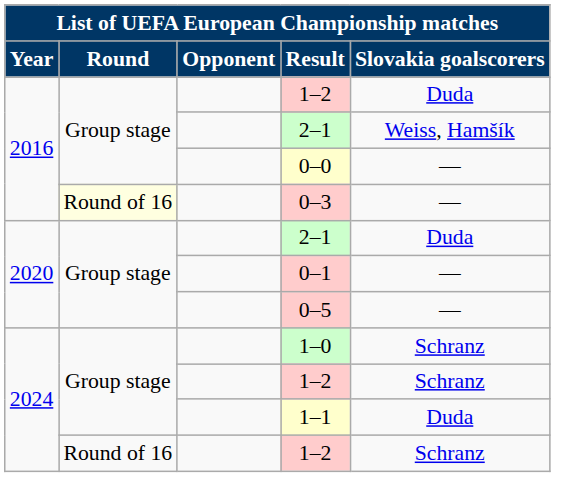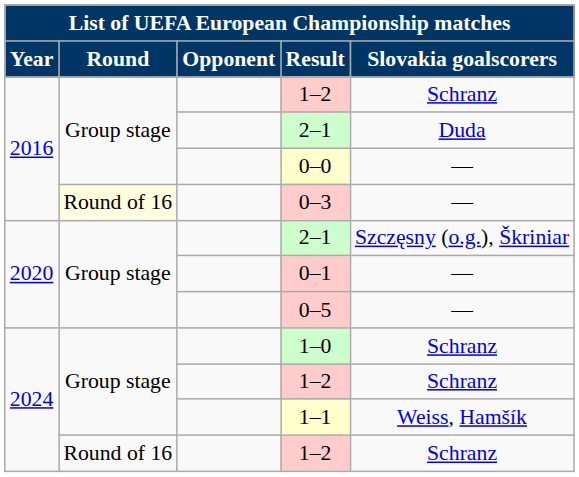 <table class="wikitable collapsible collapsed" style="text-align: center;font-size:90%;">
 <tr>
 <th colspan=5 style="background:#003665; color:white; ">List of UEFA European Championship matches</th>
 </tr>
 <tr>
 <th style="background:#003665; color:white; ">Year</th>
 <th style="background:#003665; color:white; ">Round</th>
 <th style="background:#003665; color:white; ">Opponent</th>
 <th style="background:#003665; color:white; ">Result</th>
 <th style="background:#003665; color:white; ">Slovakia goalscorers</th>
 </tr>
 <tr>
 <td rowspan=4><a href='#'>2016</a></td>
 <td rowspan=3>Group stage</td>
 <td align=left></td>
 <td bgcolor=#FFCCCC>1–2</td>
-<td><a href='#'>Duda</a></td>
+<td><a href='#'>Schranz</a></td>
 </tr>
 <tr>
 <td align=left></td>
 <td bgcolor="#CCFFCC">2–1</td>
-<td><a href='#'>Weiss</a>, <a href='#'>Hamšík</a></td>
+<td><a href='#'>Duda</a></td>
 </tr>
 <tr>
 <td align=left></td>
 <td bgcolor=#FFFFCC>0–0</td>
 <td>—</td>
 </tr>
 <tr>
 <td style="background: lightyellow;">Round of 16</td>
 <td align=left></td>
 <td bgcolor=#FFCCCC>0–3</td>
 <td>—</td>
 </tr>
 <tr>
 <td rowspan=3><a href='#'>2020</a></td>
 <td rowspan=3>Group stage</td>
 <td align=left></td>
 <td bgcolor=#CCFFCC>2–1</td>
-<td><a href='#'>Duda</a></td>
+<td><a href='#'>Szczęsny</a> (<a href='#'>o.g.</a>), <a href='#'>Škriniar</a></td>
 </tr>
 <tr>
 <td align=left></td>
 <td bgcolor=#FFCCCC>0–1</td>
 <td>—</td>
 </tr>
 <tr>
 <td align=left></td>
 <td bgcolor=#FFCCCC>0–5</td>
 <td>—</td>
 </tr>
 <tr>
 <td rowspan=4><a href='#'>2024</a></td>
 <td rowspan=3>Group stage</td>
 <td align=left></td>
 <td bgcolor=#CCFFCC>1–0</td>
 <td><a href='#'>Schranz</a></td>
 </tr>
 <tr>
 <td align=left></td>
 <td bgcolor=#FFCCCC>1–2</td>
 <td><a href='#'>Schranz</a></td>
 </tr>
 <tr>
 <td align=left></td>
 <td bgcolor=#FFFFCC>1–1</td>
-<td><a href='#'>Duda</a></td>
+<td><a href='#'>Weiss</a>, <a href='#'>Hamšík</a></td>
 </tr>
 <tr>
 <td>Round of 16</td>
 <td align=left></td>
 <td bgcolor=#FFCCCC>1–2 </td>
 <td><a href='#'>Schranz</a></td>
 </tr>
 </table>
